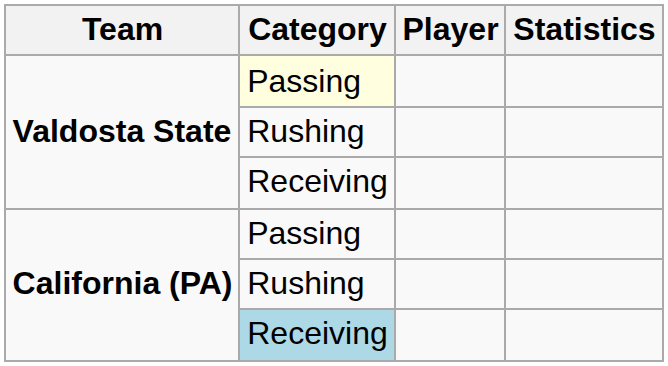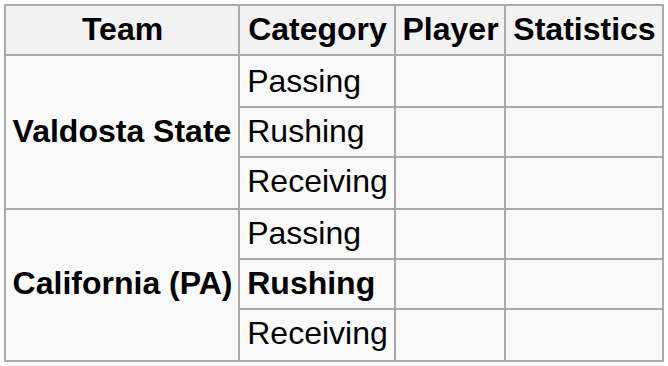 <table class="wikitable" style="float: right;">
 <tr>
 <th>Team</th>
 <th>Category</th>
 <th>Player</th>
 <th>Statistics</th>
 </tr>
 <tr>
 <td rowspan=3><strong>Valdosta State</strong></td>
-<td style="background: lightyellow;">Passing</td>
+<td>Passing</td>
 <td></td>
 <td></td>
 </tr>
 <tr>
 <td>Rushing</td>
 <td></td>
 <td></td>
 </tr>
 <tr>
 <td>Receiving</td>
 <td></td>
 <td></td>
 </tr>
 <tr>
 <td rowspan=3><strong>California (PA)</strong></td>
 <td>Passing</td>
 <td></td>
 <td></td>
 </tr>
 <tr>
-<td>Rushing</td>
+<td><strong>Rushing</strong></td>
 <td></td>
 <td></td>
 </tr>
 <tr>
-<td style="background: lightblue;">Receiving</td>
+<td>Receiving</td>
 <td></td>
 <td></td>
 </tr>
 </table>
